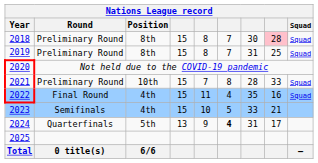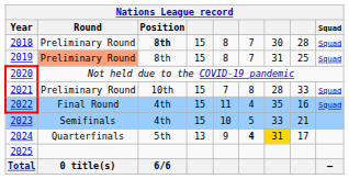 <table class="wikitable" style="text-align: center;">
 <tr>
 <th colspan=9><a href='#'>Nations League record</a></th>
 </tr>
 <tr>
 <th>Year</th>
 <th>Round</th>
 <th>Position</th>
 <th width=30></th>
 <th width=30></th>
 <th width=30></th>
 <th width=30></th>
 <th width=30></th>
 <th><small>Squad</small></th>
 </tr>
 <tr>
 <td> <a href='#'>2018</a></td>
 <td>Preliminary Round</td>
-<td>8th</td>
+<td><strong>8th</strong></td>
 <td>15</td>
 <td>8</td>
 <td>7</td>
 <td>30</td>
-<td style="background: pink;">28</td>
+<td>28</td>
 <td><small><a href='#'>Squad</a></small></td>
 </tr>
 <tr>
 <td> <a href='#'>2019</a></td>
-<td>Preliminary Round</td>
+<td style="background: lightsalmon;">Preliminary Round</td>
 <td>8th</td>
 <td>15</td>
 <td>8</td>
 <td>7</td>
 <td>31</td>
 <td>25</td>
 <td><small><a href='#'>Squad</a></small></td>
 </tr>
 <tr>
 <td style="border-top: 3px solid red; border-left: 3px solid red; border-right: 3px solid red"> <a href='#'>2020</a></td>
 <td colspan="8"><em>Not held due to the <a href='#'>COVID-19 pandemic</a></em></td>
 </tr>
 <tr>
 <td style="border-left: 3px solid red; border-right: 3px solid red"> <a href='#'>2021</a></td>
 <td>Preliminary Round</td>
 <td>10th</td>
 <td>15</td>
 <td>7</td>
 <td>8</td>
 <td>28</td>
 <td>33</td>
 <td><small><a href='#'>Squad</a></small></td>
 </tr>
 <tr bgcolor=#9acdff>
 <td style="border-left: 3px solid red; border-right: 3px solid red; border-bottom: 3px solid red"> <a href='#'>2022</a></td>
 <td>Final Round</td>
 <td>4th</td>
 <td>15</td>
 <td>11</td>
 <td>4</td>
 <td>35</td>
 <td>16</td>
 <td><small><a href='#'>Squad</a></small></td>
 </tr>
 <tr bgcolor=#9acdff>
 <td> <a href='#'>2023</a></td>
 <td>Semifinals</td>
 <td>4th</td>
 <td>15</td>
 <td>10</td>
 <td>5</td>
 <td>33</td>
 <td>21</td>
 <td></td>
 </tr>
 <tr>
 <td> <a href='#'>2024</a></td>
 <td>Quarterfinals</td>
 <td>5th</td>
 <td>13</td>
 <td>9</td>
 <td><strong>4</strong></td>
-<td>31</td>
+<td style="background: gold;">31</td>
 <td>17</td>
 <td></td>
 </tr>
 <tr>
 <td> <a href='#'>2025</a></td>
 <td></td>
 <td></td>
 <td></td>
 <td></td>
 <td></td>
 <td></td>
 <td></td>
 <td></td>
 </tr>
 <tr>
 <th><a href='#'>Total</a></th>
 <th>0 title(s)</th>
 <th>6/6</th>
 <th></th>
 <th></th>
 <th></th>
 <th></th>
 <th></th>
 <th>–</th>
 </tr>
 </table>
